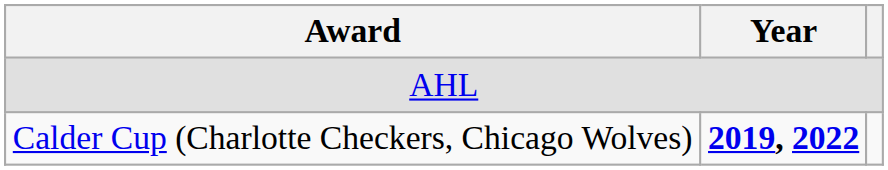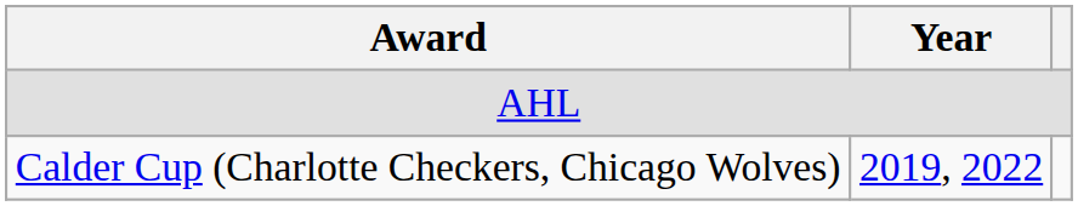 <table class="wikitable">
 <tr>
 <th>Award</th>
 <th>Year</th>
 <th></th>
 </tr>
 <tr ALIGN="center" bgcolor="#e0e0e0">
 <td colspan="3"><a href='#'>AHL</a></td>
 </tr>
 <tr>
 <td><a href='#'>Calder Cup</a> (Charlotte Checkers, Chicago Wolves)</td>
-<td><strong><a href='#'>2019</a>, <a href='#'>2022</a></strong></td>
+<td><a href='#'>2019</a>, <a href='#'>2022</a></td>
 <td></td>
 </tr>
 </table>
